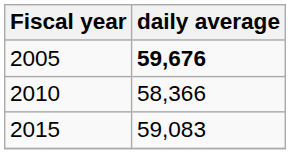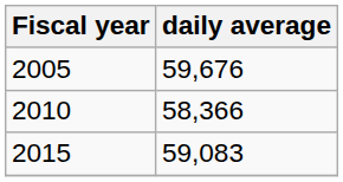 <table class="wikitable">
 <tr>
 <th>Fiscal year</th>
 <th>daily average</th>
 </tr>
 <tr>
 <td>2005</td>
-<td><strong>59,676</strong></td>
+<td>59,676</td>
 </tr>
 <tr>
 <td>2010</td>
 <td>58,366</td>
 </tr>
 <tr>
 <td>2015</td>
 <td>59,083</td>
 </tr>
 <tr>
 </tr>
 </table>
